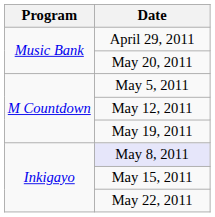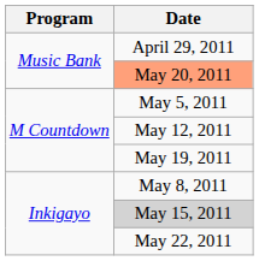 <table class="wikitable sortable" style="text-align:center">
 <tr>
 <th>Program</th>
 <th width="120">Date</th>
 </tr>
 <tr>
 <td rowspan="2"><em><a href='#'>Music Bank</a></em></td>
 <td>April 29, 2011</td>
 </tr>
 <tr>
-<td>May 20, 2011</td>
+<td style="background: lightsalmon;">May 20, 2011</td>
 </tr>
 <tr>
 <td rowspan="3"><em><a href='#'>M Countdown</a></em></td>
 <td>May 5, 2011</td>
 </tr>
 <tr>
 <td>May 12, 2011</td>
 </tr>
 <tr>
 <td>May 19, 2011</td>
 </tr>
 <tr>
 <td rowspan="3"><em><a href='#'>Inkigayo</a></em></td>
-<td style="background: lavender;">May 8, 2011</td>
+<td>May 8, 2011</td>
 </tr>
 <tr>
-<td>May 15, 2011</td>
+<td style="background: lightgrey;">May 15, 2011</td>
 </tr>
 <tr>
 <td>May 22, 2011</td>
 </tr>
 </table>
